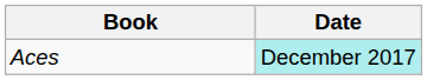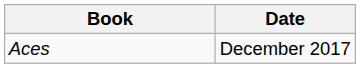 <table class="wikitable" style="border: none;">
 <tr>
 <th style="min-width: 11em">Book</th>
 <th style="min-width: 2em">Date</th>
 </tr>
 <tr>
 <td><em>Aces</em></td>
-<td style="background: paleturquoise;">December 2017</td>
+<td>December 2017</td>
 </tr>
 </table>
